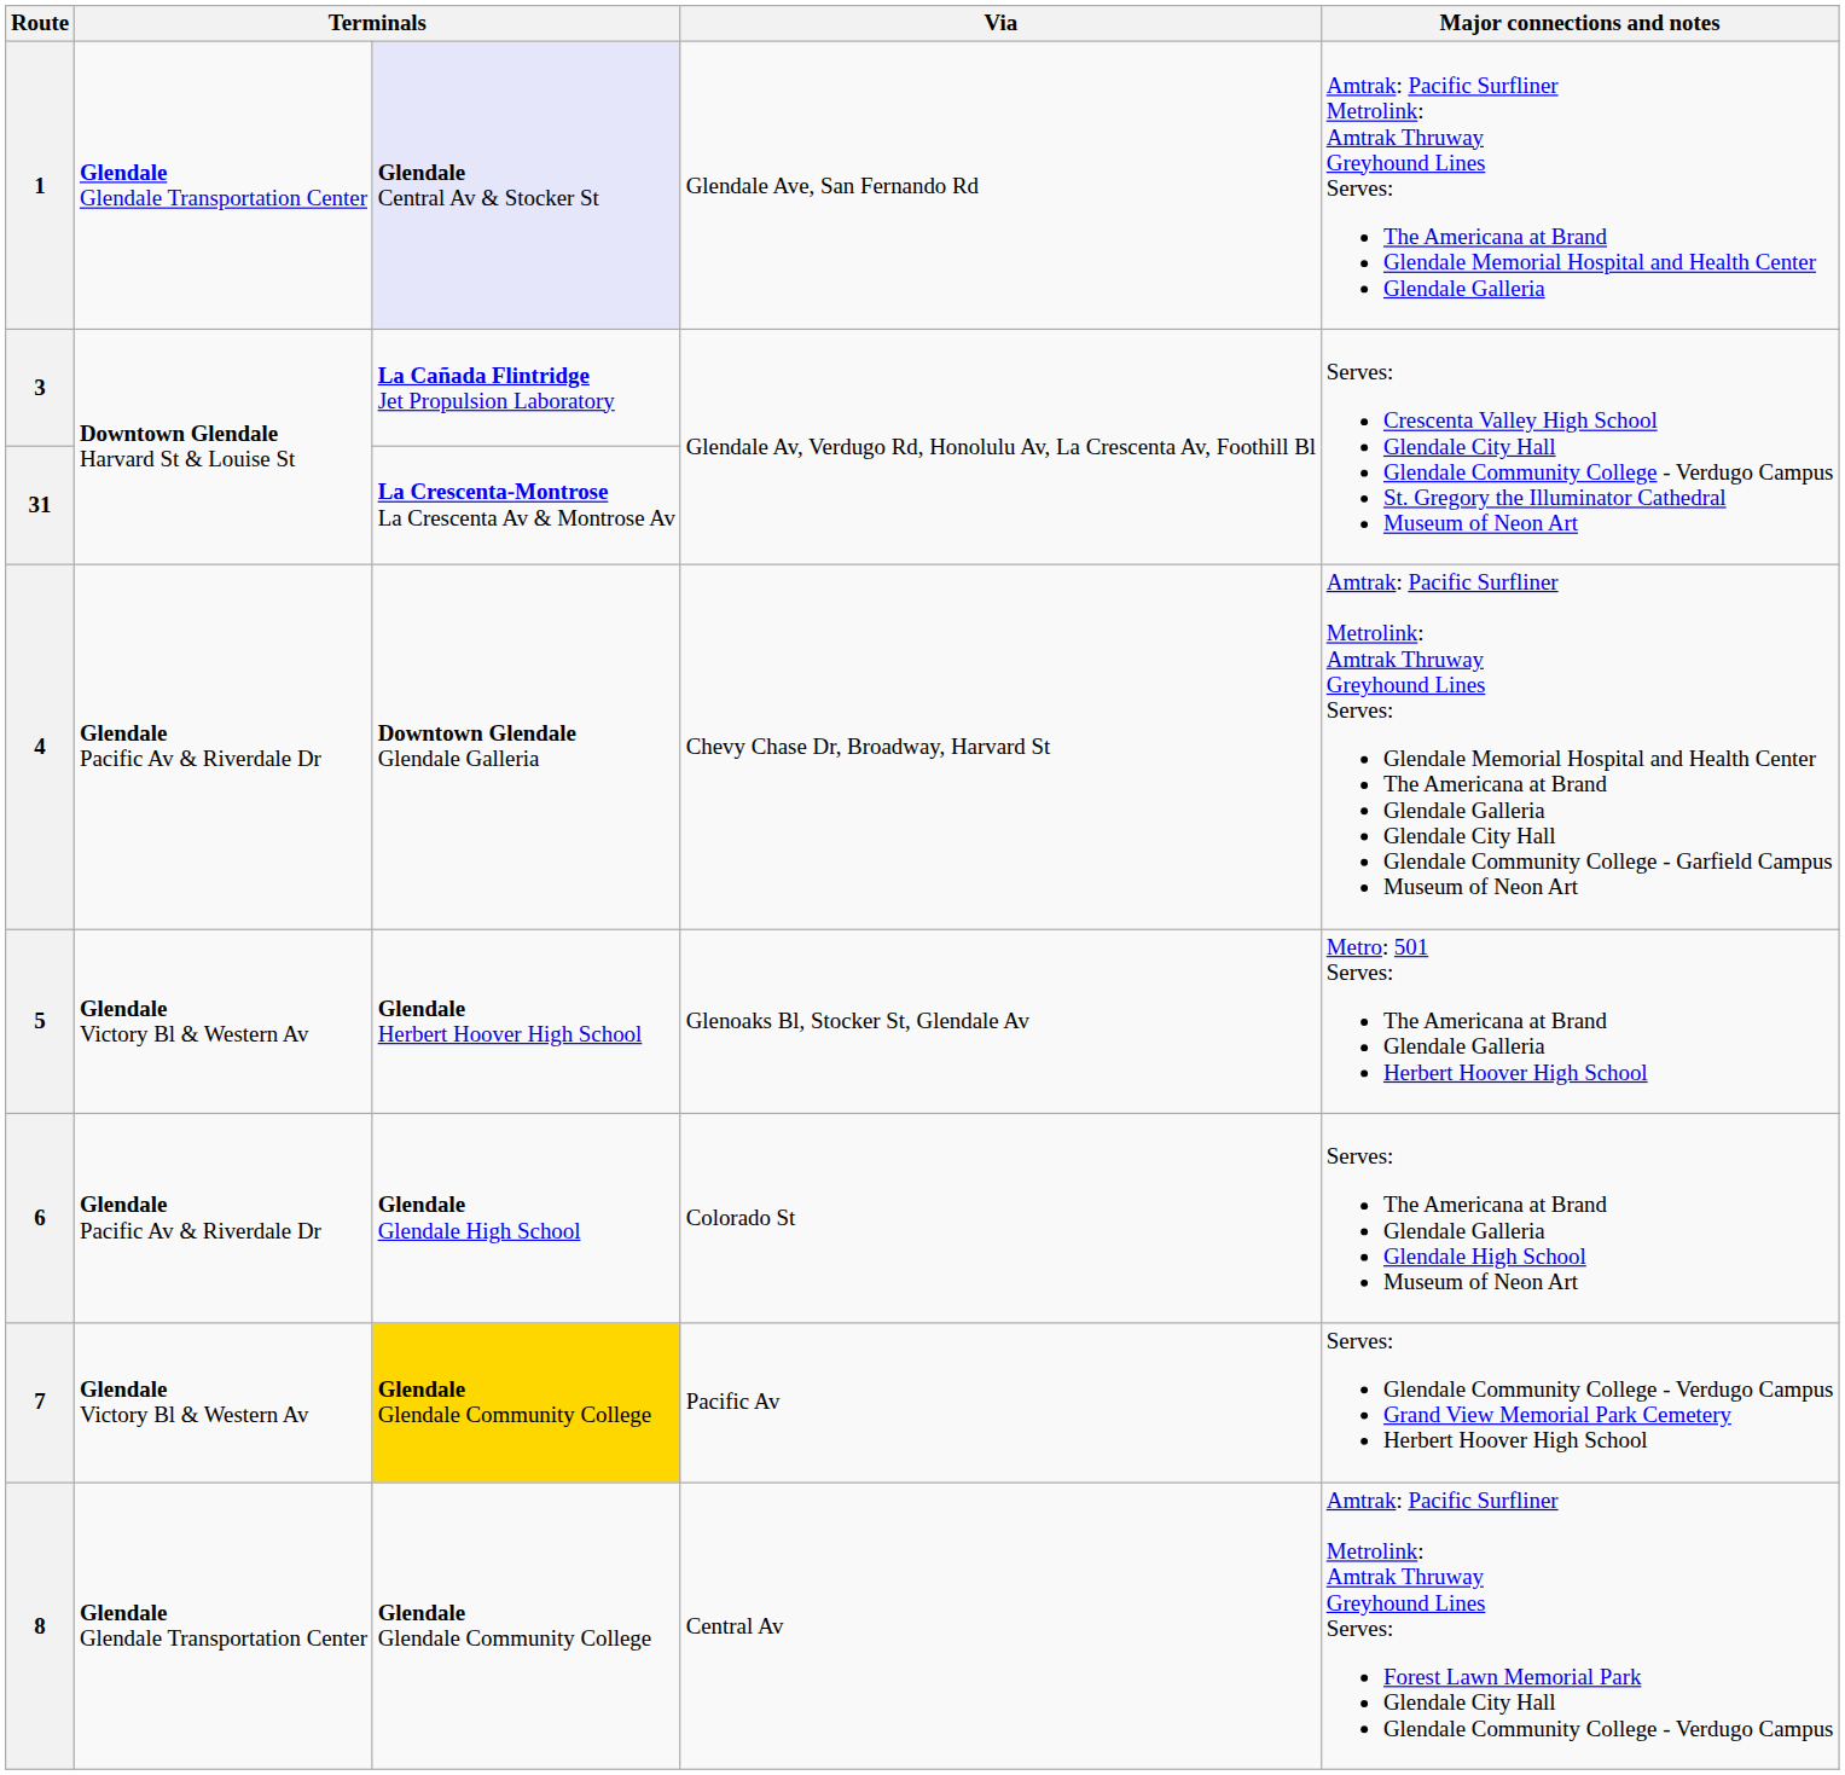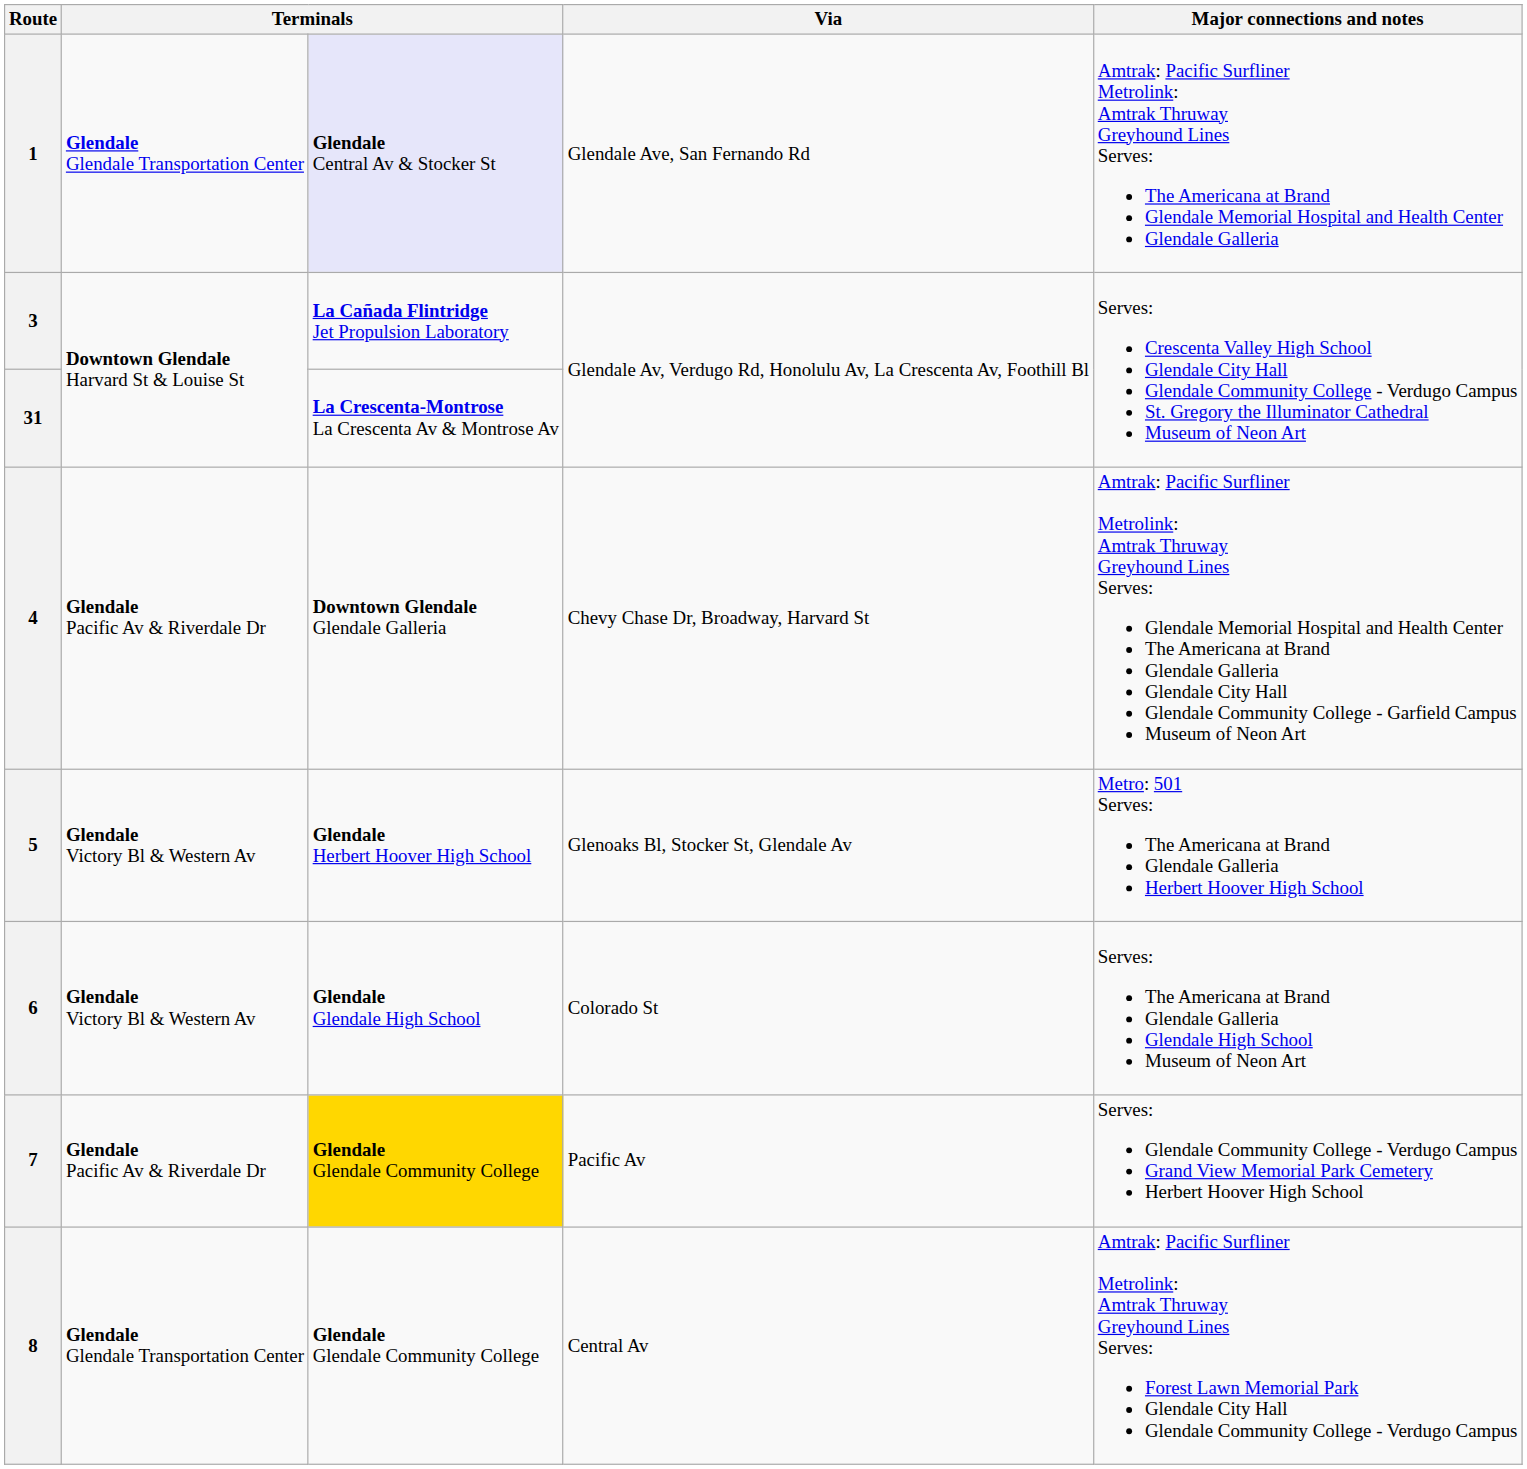 <table class="wikitable">
 <tr>
 <th>Route</th>
 <th colspan="2">Terminals</th>
 <th>Via</th>
 <th>Major connections and notes</th>
 </tr>
 <tr>
 <th>1</th>
 <td><strong><a href='#'>Glendale</a></strong> <br><a href='#'>Glendale Transportation Center</a></td>
 <td style="background: lavender;"><strong>Glendale</strong>  <br>Central Av & Stocker St</td>
 <td>Glendale Ave, San Fernando Rd</td>
 <td><br><a href='#'>Amtrak</a>: <a href='#'>Pacific Surfliner</a><br>  <a href='#'>Metrolink</a>:  <br> <a href='#'>Amtrak Thruway</a><br> <a href='#'>Greyhound Lines</a><br> Serves:<ul><li><a href='#'>The Americana at Brand</a></li><li><a href='#'>Glendale Memorial Hospital and Health Center</a></li><li><a href='#'>Glendale Galleria</a></li></ul></td>
 </tr>
 <tr>
 <th>3</th>
 <td rowspan="2"><strong>Downtown Glendale</strong> <br>Harvard St & Louise St</td>
 <td><strong><a href='#'>La Cañada Flintridge</a></strong> <br><a href='#'>Jet Propulsion Laboratory</a></td>
 <td rowspan="2">Glendale Av, Verdugo Rd, Honolulu Av, La Crescenta Av, Foothill Bl</td>
 <td rowspan="2"><br>Serves:<ul><li><a href='#'>Crescenta Valley High School</a></li><li><a href='#'>Glendale City Hall</a></li><li><a href='#'>Glendale Community College</a> - Verdugo Campus</li><li><a href='#'>St. Gregory the Illuminator Cathedral</a></li><li><a href='#'>Museum of Neon Art</a></li></ul></td>
 </tr>
 <tr>
 <th>31</th>
 <td><strong><a href='#'>La Crescenta-Montrose</a></strong> <br>La Crescenta Av & Montrose Av</td>
 </tr>
 <tr>
 <th>4</th>
 <td><strong>Glendale</strong> <br>Pacific Av & Riverdale Dr</td>
 <td><strong>Downtown Glendale</strong> <br>Glendale Galleria</td>
 <td>Chevy Chase Dr, Broadway, Harvard St</td>
 <td><a href='#'>Amtrak</a>: <a href='#'>Pacific Surfliner</a><br><br> <a href='#'>Metrolink</a>:  <br> <a href='#'>Amtrak Thruway</a><br> <a href='#'>Greyhound Lines</a><br> Serves:<ul><li>Glendale Memorial Hospital and Health Center</li><li>The Americana at Brand</li><li>Glendale Galleria</li><li>Glendale City Hall</li><li>Glendale Community College - Garfield Campus</li><li>Museum of Neon Art</li></ul></td>
 </tr>
 <tr>
 <th>5</th>
 <td><strong>Glendale</strong> <br>Victory Bl & Western Av</td>
 <td><strong>Glendale</strong> <br><a href='#'>Herbert Hoover High School</a></td>
 <td>Glenoaks Bl, Stocker St, Glendale Av</td>
 <td> <a href='#'>Metro</a>: <a href='#'>501</a><br>Serves:<ul><li>The Americana at Brand</li><li>Glendale Galleria</li><li><a href='#'>Herbert Hoover High School</a></li></ul></td>
 </tr>
 <tr>
 <th>6</th>
-<td><strong>Glendale</strong> <br>Pacific Av & Riverdale Dr</td>
+<td><strong>Glendale</strong> <br>Victory Bl & Western Av</td>
 <td><strong>Glendale</strong> <br><a href='#'>Glendale High School</a></td>
 <td>Colorado St</td>
 <td><br>Serves:<ul><li>The Americana at Brand</li><li>Glendale Galleria</li><li><a href='#'>Glendale High School</a></li><li>Museum of Neon Art</li></ul></td>
 </tr>
 <tr>
 <th>7</th>
-<td><strong>Glendale</strong> <br>Victory Bl & Western Av</td>
+<td><strong>Glendale</strong> <br>Pacific Av & Riverdale Dr</td>
 <td style="background: gold;"><strong>Glendale</strong> <br>Glendale Community College</td>
 <td>Pacific Av</td>
 <td>Serves:<br><ul><li>Glendale Community College - Verdugo Campus</li><li><a href='#'>Grand View Memorial Park Cemetery</a></li><li>Herbert Hoover High School</li></ul></td>
 </tr>
 <tr>
 <th>8</th>
 <td><strong>Glendale</strong> <br>Glendale Transportation Center</td>
 <td><strong>Glendale</strong> <br>Glendale Community College</td>
 <td>Central Av</td>
 <td><a href='#'>Amtrak</a>: <a href='#'>Pacific Surfliner</a><br><br> <a href='#'>Metrolink</a>:  <br> <a href='#'>Amtrak Thruway</a><br> <a href='#'>Greyhound Lines</a><br> Serves:<ul><li><a href='#'>Forest Lawn Memorial Park</a></li><li>Glendale City Hall</li><li>Glendale Community College - Verdugo Campus</li></ul></td>
 </tr>
 </table>
